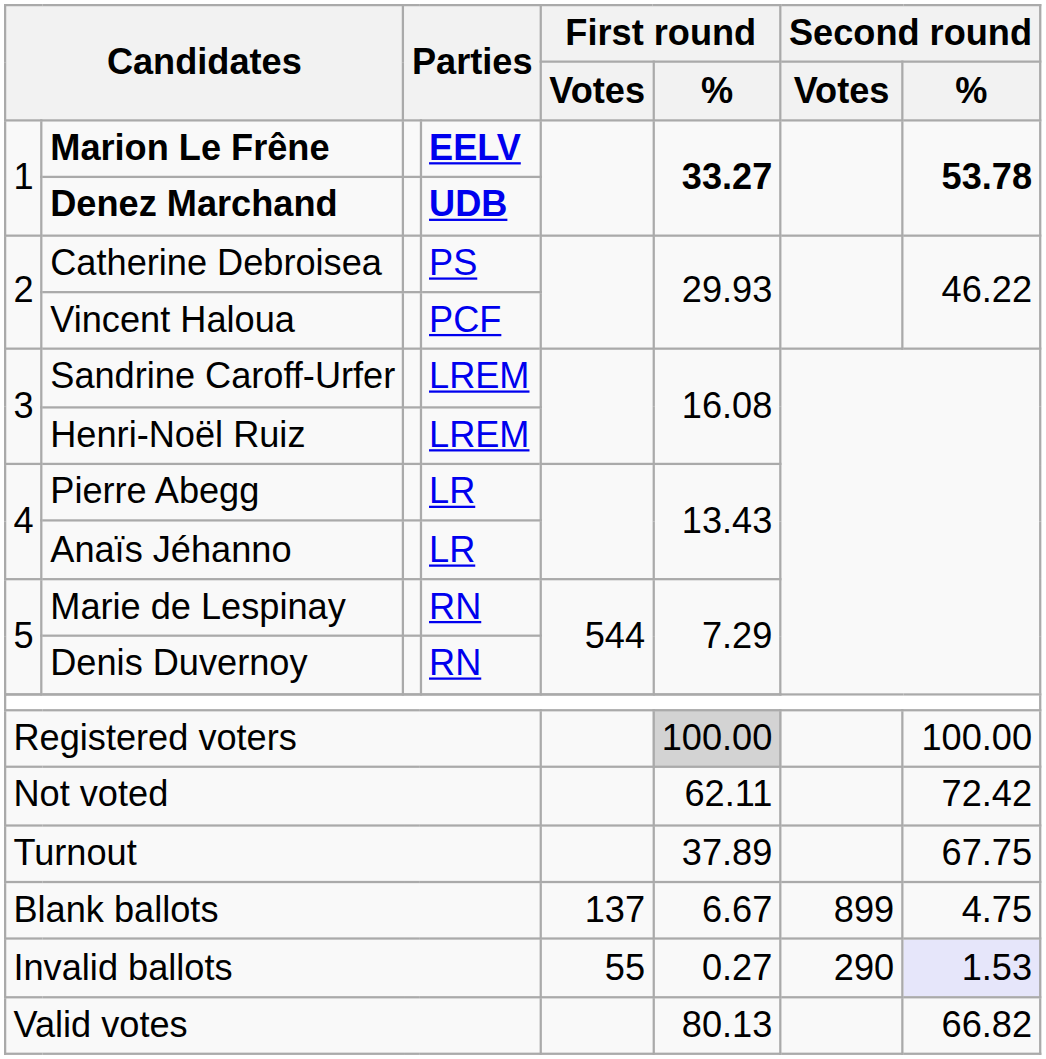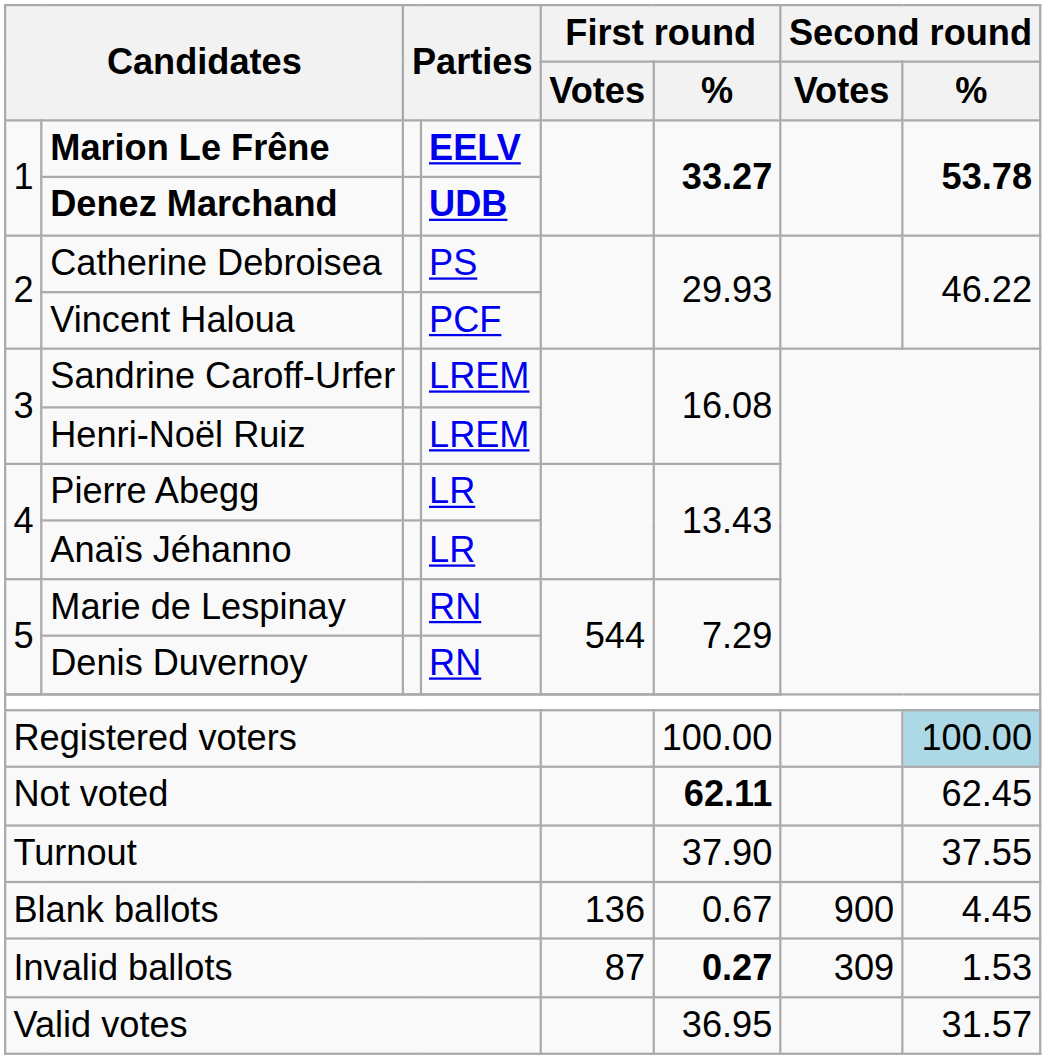 <table class="wikitable centre">
 <tr>
 <th scope="col" rowspan=2 colspan=2>Candidates</th>
 <th scope="col" rowspan=2 colspan=2>Parties</th>
 <th scope="col" colspan=2>First round</th>
 <th scope="col" colspan=2>Second round</th>
 </tr>
 <tr>
 <th scope="col">Votes</th>
 <th scope="col">%</th>
 <th scope="col">Votes</th>
 <th scope="col">%</th>
 </tr>
 <tr>
 <td rowspan=2>1</td>
 <td><strong>Marion Le Frêne</strong></td>
 <td style="background-color: "></td>
 <td><strong><a href='#'>EELV</a></strong></td>
 <td rowspan=2 style="text-align: right"><strong></strong></td>
 <td rowspan=2 style="text-align: right"><strong>33.27</strong></td>
 <td rowspan=2 style="text-align: right"><strong></strong></td>
 <td rowspan=2 style="text-align: right"><strong>53.78</strong></td>
 </tr>
 <tr>
 <td><strong>Denez Marchand</strong></td>
 <td style="background-color: "></td>
 <td><strong><a href='#'>UDB</a></strong></td>
 </tr>
 <tr>
 <td rowspan=2>2</td>
 <td>Catherine Debroisea</td>
 <td style="background-color: "></td>
 <td><a href='#'>PS</a></td>
 <td rowspan=2 style="text-align: right"></td>
 <td rowspan=2 style="text-align: right">29.93</td>
 <td rowspan=2 style="text-align: right"></td>
 <td rowspan=2 style="text-align: right">46.22</td>
 </tr>
 <tr>
 <td>Vincent Haloua</td>
 <td style="background-color: "></td>
 <td><a href='#'>PCF</a></td>
 </tr>
 <tr>
 <td rowspan=2>3</td>
 <td>Sandrine Caroff-Urfer</td>
 <td style="background-color: "></td>
 <td><a href='#'>LREM</a></td>
 <td rowspan=2 style="text-align: right"></td>
 <td rowspan=2 style="text-align: right">16.08</td>
 <td colspan="2" rowspan="7" style="text-align: right"></td>
 </tr>
 <tr>
 <td>Henri-Noël Ruiz</td>
 <td style="background-color: "></td>
 <td><a href='#'>LREM</a></td>
 </tr>
 <tr>
 <td rowspan=2>4</td>
 <td>Pierre Abegg</td>
 <td style="background-color: "></td>
 <td><a href='#'>LR</a></td>
 <td rowspan=2 style="text-align: right"></td>
 <td rowspan=2 style="text-align: right">13.43</td>
 </tr>
 <tr>
 <td>Anaïs Jéhanno</td>
 <td style="background-color: "></td>
 <td><a href='#'>LR</a></td>
 </tr>
 <tr>
 <td rowspan=2>5</td>
 <td>Marie de Lespinay</td>
 <td style="background-color: "></td>
 <td><a href='#'>RN</a></td>
 <td rowspan=2 style="text-align: right">544</td>
 <td rowspan=2 style="text-align: right">7.29</td>
 </tr>
 <tr>
 <td>Denis Duvernoy</td>
 <td style="background-color: "></td>
 <td><a href='#'>RN</a></td>
 </tr>
 <tr>
 </tr>
 <tr bgcolor=white>
 <td colspan=8></td>
 </tr>
 <tr>
 <td colspan=4>Registered voters</td>
 <td style="text-align: right"></td>
-<td style="background: lightgrey; text-align: right">100.00</td>
+<td style="text-align: right">100.00</td>
 <td style="text-align: right"></td>
-<td style="text-align: right">100.00</td>
+<td style="background: lightblue; text-align: right">100.00</td>
 </tr>
 <tr>
 <td colspan=4>Not voted</td>
 <td style="text-align: right"></td>
-<td style="text-align: right">62.11</td>
+<td style="text-align: right"><strong>62.11</strong></td>
 <td style="text-align: right"></td>
-<td style="text-align: right">72.42</td>
+<td style="text-align: right">62.45</td>
 </tr>
 <tr>
 <td colspan=4>Turnout</td>
 <td style="text-align: right"></td>
-<td style="text-align: right">37.89</td>
+<td style="text-align: right">37.90</td>
 <td style="text-align: right"></td>
-<td style="text-align: right">67.75</td>
+<td style="text-align: right">37.55</td>
 </tr>
 <tr>
 <td colspan=4>Blank ballots</td>
-<td style="text-align: right">137</td>
-<td style="text-align: right">6.67</td>
-<td style="text-align: right">899</td>
-<td style="text-align: right">4.75</td>
+<td style="text-align: right">136</td>
+<td style="text-align: right">0.67</td>
+<td style="text-align: right">900</td>
+<td style="text-align: right">4.45</td>
 </tr>
 <tr>
 <td colspan=4>Invalid ballots</td>
-<td style="text-align: right">55</td>
-<td style="text-align: right">0.27</td>
-<td style="text-align: right">290</td>
-<td style="background: lavender; text-align: right">1.53</td>
+<td style="text-align: right">87</td>
+<td style="text-align: right"><strong>0.27</strong></td>
+<td style="text-align: right">309</td>
+<td style="text-align: right">1.53</td>
 </tr>
 <tr>
 <td colspan=4>Valid votes</td>
 <td style="text-align: right"></td>
-<td style="text-align: right">80.13</td>
+<td style="text-align: right">36.95</td>
 <td style="text-align: right"></td>
-<td style="text-align: right">66.82</td>
+<td style="text-align: right">31.57</td>
 </tr>
 </table>
